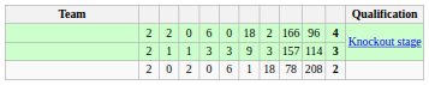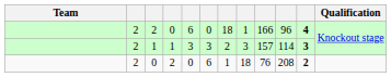 <table class=wikitable style="text-align:center">
 <tr>
 <th width=175>Team</th>
 <th width=20></th>
 <th width=20></th>
 <th width=20></th>
 <th width=20></th>
 <th width=20></th>
 <th width=20></th>
 <th width=20></th>
 <th width=20></th>
 <th width=20></th>
 <th width=20></th>
 <th>Qualification</th>
 </tr>
 <tr style="background-color:#ccffcc;">
 <td style="text-align:left;"></td>
 <td>2</td>
 <td>2</td>
 <td>0</td>
 <td>6</td>
 <td>0</td>
 <td>18</td>
-<td>2</td>
+<td>1</td>
 <td>166</td>
 <td>96</td>
 <td><strong>4</strong></td>
 <td rowspan=2><a href='#'>Knockout stage</a></td>
 </tr>
 <tr style="background-color:#ccffcc;">
 <td style="text-align:left;"></td>
 <td>2</td>
 <td>1</td>
 <td>1</td>
 <td>3</td>
 <td>3</td>
-<td>9</td>
+<td>2</td>
 <td>3</td>
 <td>157</td>
 <td>114</td>
 <td><strong>3</strong></td>
 </tr>
 <tr>
 <td style="text-align:left;"></td>
 <td>2</td>
 <td>0</td>
 <td>2</td>
 <td>0</td>
 <td>6</td>
 <td>1</td>
 <td>18</td>
-<td>78</td>
+<td>76</td>
 <td>208</td>
 <td><strong>2</strong></td>
 <td></td>
 </tr>
 </table>
